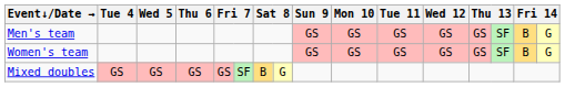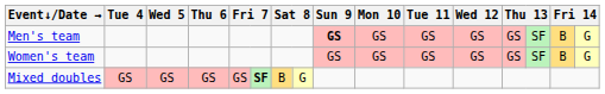 <table class="wikitable" style="margin:0.5em auto; font-size:90%; line-height:1.25em; text-align:center;">
 <tr>
 <th>Event↓/Date →</th>
 <th>Tue 4</th>
 <th>Wed 5</th>
 <th>Thu 6</th>
 <th colspan=2>Fri 7</th>
 <th colspan=2>Sat 8</th>
 <th>Sun 9</th>
 <th>Mon 10</th>
 <th>Tue 11</th>
 <th>Wed 12</th>
 <th colspan=2>Thu 13</th>
 <th colspan=2>Fri 14</th>
 </tr>
 <tr>
 <td align="left"><a href='#'>Men's team</a></td>
 <td></td>
 <td></td>
 <td></td>
 <td colspan=2></td>
 <td colspan=2></td>
-<td style="background-color:#FFBBBB">GS</td>
+<td style="background-color:#FFBBBB"><strong>GS</strong></td>
 <td style="background-color:#FFBBBB">GS</td>
 <td style="background-color:#FFBBBB">GS</td>
 <td style="background-color:#FFBBBB">GS</td>
 <td style="background-color:#FFBBBB">GS</td>
 <td style="background-color:#BBF3BB">SF</td>
 <td style="background-color:#FFDF80">B</td>
 <td style="background-color:#FFFFBB">G</td>
 </tr>
 <tr>
 <td align="left"><a href='#'>Women's team</a></td>
 <td></td>
 <td></td>
 <td></td>
 <td colspan=2></td>
 <td colspan=2></td>
 <td style="background-color:#FFBBBB">GS</td>
 <td style="background-color:#FFBBBB">GS</td>
 <td style="background-color:#FFBBBB">GS</td>
 <td style="background-color:#FFBBBB">GS</td>
 <td style="background-color:#FFBBBB">GS</td>
 <td style="background-color:#BBF3BB">SF</td>
 <td style="background-color:#FFDF80">B</td>
 <td style="background-color:#FFFFBB">G</td>
 </tr>
 <tr>
 <td align="left"><a href='#'>Mixed doubles</a></td>
 <td style="background-color:#FFBBBB">GS</td>
 <td style="background-color:#FFBBBB">GS</td>
 <td style="background-color:#FFBBBB">GS</td>
 <td style="background-color:#FFBBBB">GS</td>
-<td style="background-color:#BBF3BB">SF</td>
+<td style="background-color:#BBF3BB"><strong>SF</strong></td>
 <td style="background-color:#FFDF80">B</td>
 <td style="background-color:#FFFFBB">G</td>
 <td></td>
 <td></td>
 <td></td>
 <td></td>
 <td colspan=2></td>
 <td colspan=2></td>
 </tr>
 </table>
